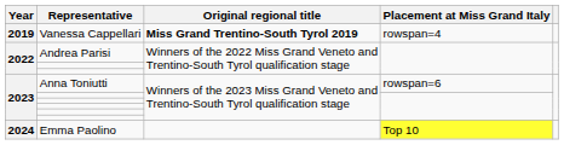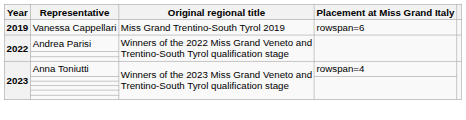 <table class="wikitable defaultcenter col2left" style="font-size:95%;">
 <tr>
 <th>Year</th>
 <th>Representative</th>
 <th>Original regional title</th>
 <th>Placement at Miss Grand Italy</th>
 <th></th>
 </tr>
 <tr>
 <th>2019</th>
 <td>Vanessa Cappellari</td>
-<td><strong>Miss Grand Trentino-South Tyrol 2019</strong></td>
-<td>rowspan=4 </td>
+<td>Miss Grand Trentino-South Tyrol 2019</td>
+<td>rowspan=6 </td>
 <td></td>
 </tr>
 <tr>
 <th rowspan=3>2022</th>
 <td>Andrea Parisi</td>
 <td rowspan=3>Winners of the 2022 Miss Grand Veneto and<br>Trentino-South Tyrol qualification stage</td>
 <td rowspan=3></td>
 </tr>
 <tr>
 <td></td>
 </tr>
 <tr>
 <td></td>
 </tr>
 <tr>
 <th rowspan=6>2023</th>
 <td>Anna Toniutti</td>
 <td rowspan=6>Winners of the 2023 Miss Grand Veneto and<br>Trentino-South Tyrol qualification stage</td>
-<td>rowspan=6 </td>
+<td>rowspan=4 </td>
 <td rowspan=6></td>
 </tr>
 <tr>
 <td></td>
 </tr>
 <tr>
 <td></td>
 </tr>
 <tr>
 <td></td>
 </tr>
 <tr>
 <td></td>
 </tr>
 <tr>
 <td></td>
 </tr>
-<tr>
-<th>2024</th>
-<td>Emma Paolino</td>
-<td></td>
-<td bgcolor=#FFFF33>Top 10</td>
-<td></td>
-</tr>
 </table>
